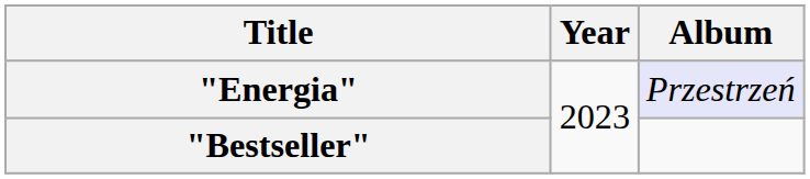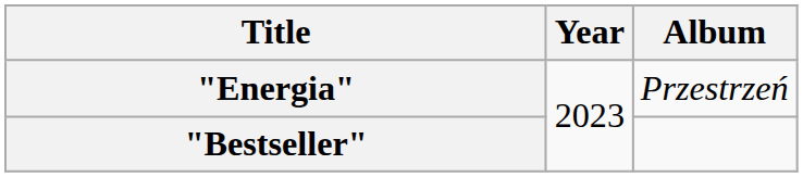 <table class="wikitable plainrowheaders" style="text-align:center;">
 <tr>
 <th scope="col" style="width:15em;">Title</th>
 <th scope="col" style="width:1em;">Year</th>
 <th scope="col">Album</th>
 </tr>
 <tr>
 <th scope="row">"Energia"<br></th>
 <td rowspan="2">2023</td>
-<td style="background: lavender;"><em>Przestrzeń</em></td>
+<td><em>Przestrzeń</em></td>
 </tr>
 <tr>
 <th scope="row">"Bestseller"<br></th>
 <td></td>
 </tr>
 </table>
